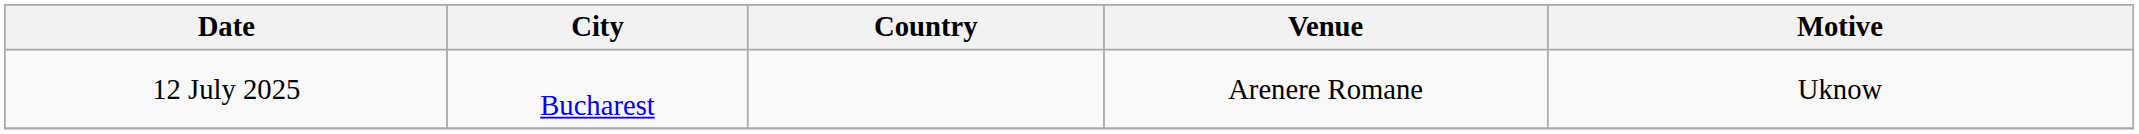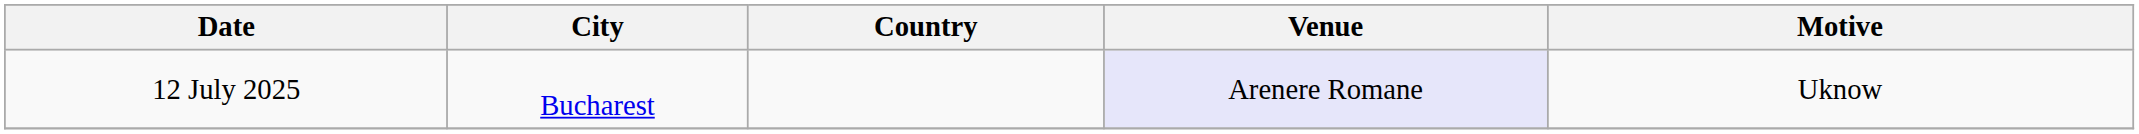 <table class="wikitable plainrowheaders" style="text-align:center;">
 <tr>
 <th style="width:15em;">Date</th>
 <th style="width:10em;">City</th>
 <th style="width:12em;">Country</th>
 <th style="width:15em;">Venue</th>
 <th style="width:20em;">Motive</th>
 </tr>
 <tr>
 <td>12 July 2025</td>
 <td><br><a href='#'>Bucharest</a></td>
 <td></td>
-<td>Arenere Romane</td>
+<td style="background: lavender;">Arenere Romane</td>
 <td>Uknow</td>
 </tr>
 <tr>
 </tr>
 </table>
